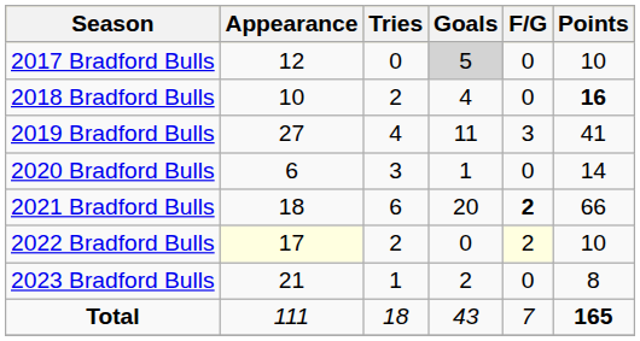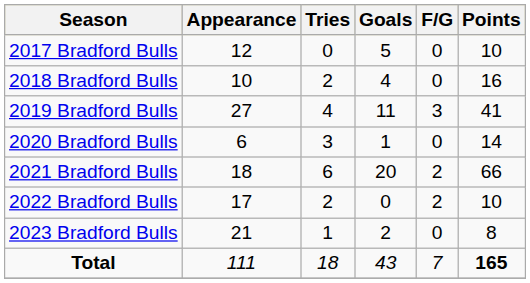 <table class="wikitable" style="text-align:center;">
 <tr bgcolor=#bdb76b>
 <th>Season</th>
 <th>Appearance</th>
 <th>Tries</th>
 <th>Goals</th>
 <th>F/G</th>
 <th>Points</th>
 </tr>
 <tr>
 <td><a href='#'>2017 Bradford Bulls</a></td>
 <td>12</td>
 <td>0</td>
-<td style="background: lightgrey;">5</td>
+<td>5</td>
 <td>0</td>
 <td>10</td>
 </tr>
 <tr>
 <td><a href='#'>2018 Bradford Bulls</a></td>
 <td>10</td>
 <td>2</td>
 <td>4</td>
 <td>0</td>
-<td><strong>16</strong></td>
+<td>16</td>
 </tr>
 <tr>
 <td><a href='#'>2019 Bradford Bulls</a></td>
 <td>27</td>
 <td>4</td>
 <td>11</td>
 <td>3</td>
 <td>41</td>
 </tr>
 <tr>
 <td><a href='#'>2020 Bradford Bulls</a></td>
 <td>6</td>
 <td>3</td>
 <td>1</td>
 <td>0</td>
 <td>14</td>
 </tr>
 <tr>
 <td><a href='#'>2021 Bradford Bulls</a></td>
 <td>18</td>
 <td>6</td>
 <td>20</td>
-<td><strong>2</strong></td>
+<td>2</td>
 <td>66</td>
 </tr>
 <tr>
 <td><a href='#'>2022 Bradford Bulls</a></td>
-<td style="background: lightyellow;">17</td>
+<td>17</td>
 <td>2</td>
 <td>0</td>
-<td style="background: lightyellow;">2</td>
+<td>2</td>
 <td>10</td>
 </tr>
 <tr>
 <td><a href='#'>2023 Bradford Bulls</a></td>
 <td>21</td>
 <td>1</td>
 <td>2</td>
 <td>0</td>
 <td>8</td>
 </tr>
 <tr>
 <td><strong>Total</strong></td>
 <td><em>111</em></td>
 <td><em>18</em></td>
 <td><em>43</em></td>
 <td><em>7</em></td>
 <td><strong>165</strong></td>
 </tr>
 <tr>
 </tr>
 </table>
